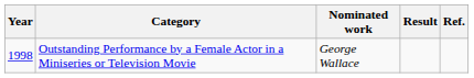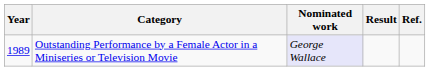 <table class="wikitable" style="width:95%;">
 <tr>
 <th>Year</th>
 <th>Category</th>
 <th>Nominated work</th>
 <th>Result</th>
 <th>Ref.</th>
 </tr>
 <tr>
-<td><a href='#'>1998</a></td>
+<td><a href='#'>1989</a></td>
 <td><a href='#'>Outstanding Performance by a Female Actor in a Miniseries or Television Movie</a></td>
-<td><em>George Wallace</em></td>
+<td style="background: lavender;"><em>George Wallace</em></td>
 <td></td>
 <td align="center"></td>
 </tr>
 </table>
